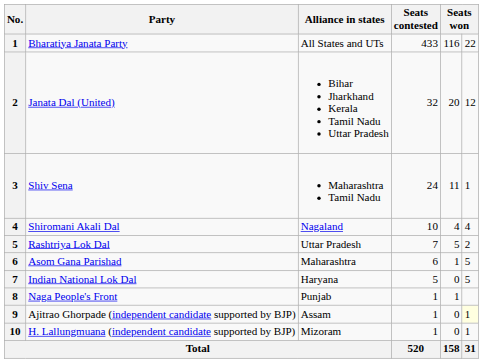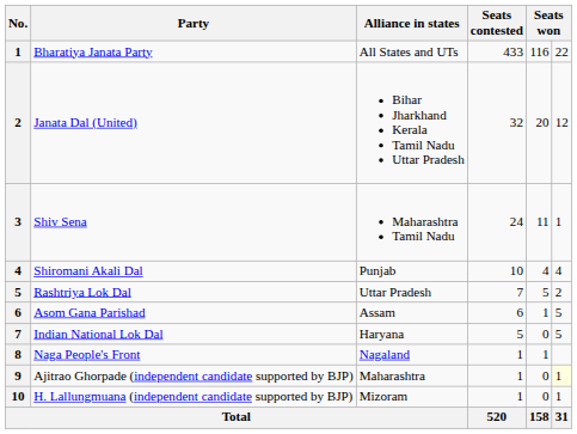 <table class="wikitable sortable" style="border:1px solid black; border:0">
 <tr>
 <th>No.</th>
 <th>Party</th>
 <th>Alliance in states</th>
 <th>Seats <br>contested</th>
 <th colspan="2">Seats <br>won</th>
 </tr>
 <tr>
 <th align="center">1</th>
 <td><a href='#'>Bharatiya Janata Party</a></td>
 <td>All States and UTs</td>
 <td align=right>433</td>
 <td align=right>116</td>
 <td> 22</td>
 </tr>
 <tr>
 <th align="center">2</th>
 <td><a href='#'>Janata Dal (United)</a></td>
 <td><br><ul><li>Bihar</li><li>Jharkhand</li><li>Kerala</li><li>Tamil Nadu</li><li>Uttar Pradesh</li></ul></td>
 <td align=right>32</td>
 <td align=right>20</td>
 <td> 12</td>
 </tr>
 <tr>
 <th align="center">3</th>
 <td><a href='#'>Shiv Sena</a></td>
 <td><br><ul><li>Maharashtra</li><li>Tamil Nadu</li></ul></td>
 <td align=right>24</td>
 <td align=right>11</td>
 <td> 1</td>
 </tr>
 <tr>
 <th align="center">4</th>
 <td><a href='#'>Shiromani Akali Dal</a></td>
-<td><a href='#'>Nagaland</a></td>
+<td>Punjab</td>
 <td align="right">10</td>
 <td align="right">4</td>
 <td> 4</td>
 </tr>
 <tr>
 <th align="center">5</th>
 <td><a href='#'>Rashtriya Lok Dal</a></td>
 <td>Uttar Pradesh</td>
 <td align="right">7</td>
 <td align="right">5</td>
 <td> 2</td>
 </tr>
 <tr>
 <th align="center">6</th>
 <td><a href='#'>Asom Gana Parishad</a></td>
-<td>Maharashtra</td>
+<td>Assam</td>
 <td align=right>6</td>
 <td align=right>1</td>
 <td> 5</td>
 </tr>
 <tr>
 <th align="center">7</th>
 <td><a href='#'>Indian National Lok Dal</a></td>
 <td>Haryana</td>
 <td align=right>5</td>
 <td align=right>0</td>
 <td> 5</td>
 </tr>
 <tr>
 <th align="center">8</th>
 <td><a href='#'>Naga People's Front</a></td>
-<td>Punjab</td>
+<td><a href='#'>Nagaland</a></td>
 <td align=right>1</td>
 <td align=right>1</td>
 <td></td>
 </tr>
 <tr>
 <th align="center">9</th>
 <td>Ajitrao Ghorpade (<a href='#'>independent candidate</a> supported by BJP)</td>
-<td>Assam</td>
+<td>Maharashtra</td>
 <td align=right>1</td>
 <td align=right>0</td>
 <td style="background: lightyellow;"> 1</td>
 </tr>
 <tr>
 <th align="center">10</th>
 <td><a href='#'>H. Lallungmuana</a> (<a href='#'>independent candidate</a> supported by BJP)</td>
 <td>Mizoram</td>
 <td align=right>1</td>
 <td align=right>0</td>
 <td> 1</td>
 </tr>
 <tr>
 <th colspan="3" align="center"><strong>Total</strong></th>
 <th align="right"><strong>520</strong></th>
 <th align="right"><strong>158</strong></th>
 <th> 31</th>
 </tr>
 </table>
